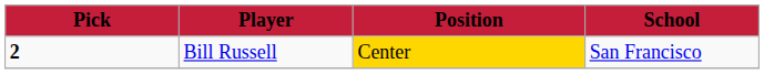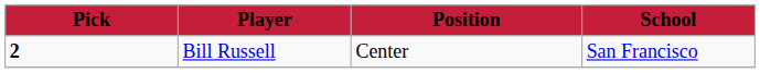 <table class="wikitable sortable sortable">
 <tr>
 <th style="background:#C41E3A;" width="15%">Pick</th>
 <th style="background:#C41E3A;" width="15%">Player</th>
 <th style="background:#C41E3A;" width="20%">Position</th>
 <th style="background:#C41E3A;" width="15%">School</th>
 </tr>
 <tr>
 <td><strong>2</strong></td>
 <td><a href='#'>Bill Russell</a></td>
-<td style="background: gold;">Center</td>
+<td>Center</td>
 <td><a href='#'>San Francisco</a></td>
 </tr>
 <tr>
 </tr>
 </table>
